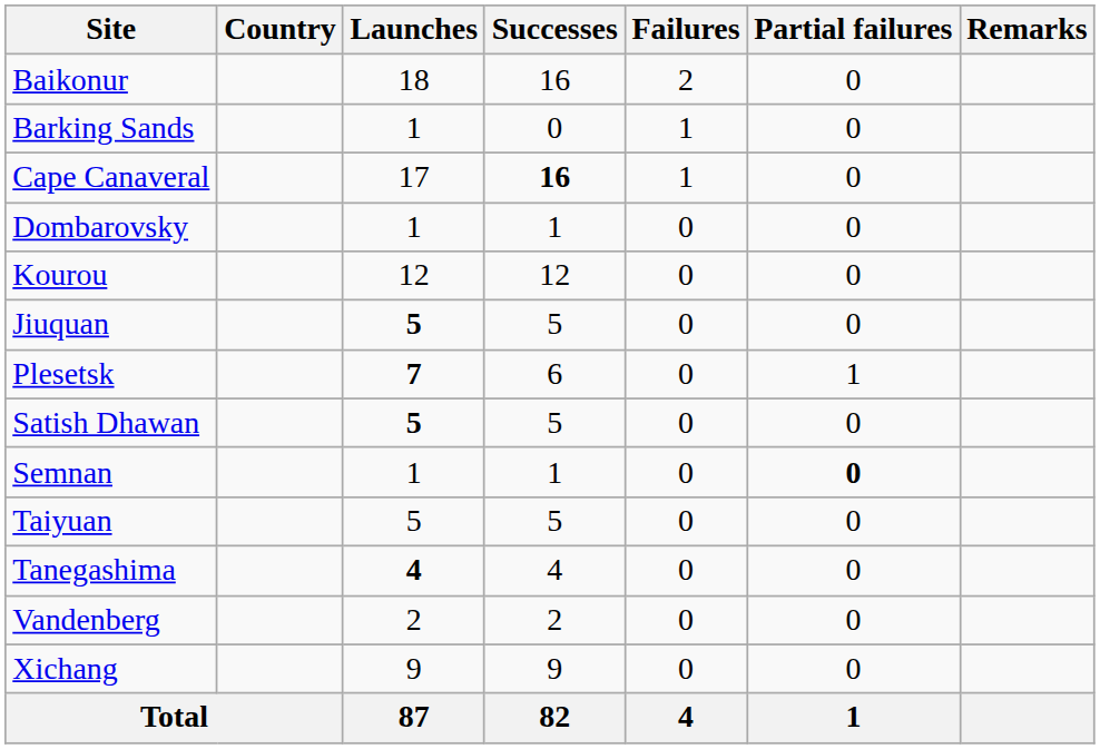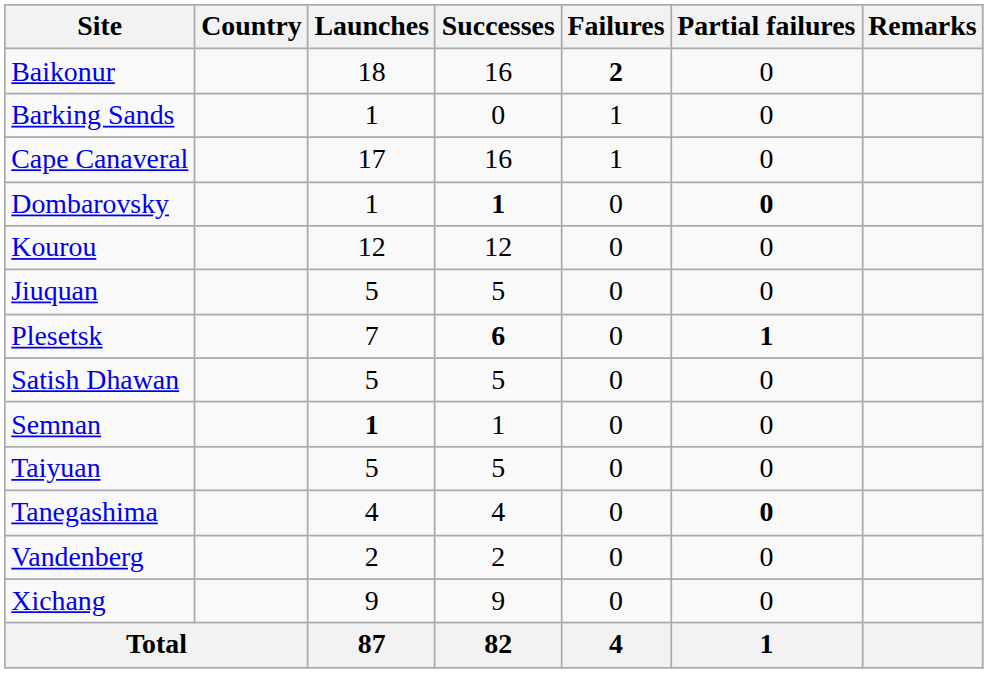 <table class="wikitable sortable" style=text-align:center>
 <tr>
 <th>Site</th>
 <th>Country</th>
 <th>Launches</th>
 <th>Successes</th>
 <th>Failures</th>
 <th>Partial failures</th>
 <th>Remarks</th>
 </tr>
 <tr>
 <td align=left><a href='#'>Baikonur</a></td>
 <td align=left></td>
 <td>18</td>
 <td>16</td>
-<td>2</td>
+<td><strong>2</strong></td>
 <td>0</td>
 <td></td>
 </tr>
 <tr>
 <td align=left><a href='#'>Barking Sands</a></td>
 <td align=left></td>
 <td>1</td>
 <td>0</td>
 <td>1</td>
 <td>0</td>
 <td></td>
 </tr>
 <tr>
 <td align=left><a href='#'>Cape Canaveral</a></td>
 <td align=left></td>
 <td>17</td>
-<td><strong>16</strong></td>
+<td>16</td>
 <td>1</td>
 <td>0</td>
 <td></td>
 </tr>
 <tr>
 <td align=left><a href='#'>Dombarovsky</a></td>
 <td align=left></td>
 <td>1</td>
-<td>1</td>
+<td><strong>1</strong></td>
 <td>0</td>
-<td>0</td>
+<td><strong>0</strong></td>
 <td></td>
 </tr>
 <tr>
 <td align=left><a href='#'>Kourou</a></td>
 <td align=left></td>
 <td>12</td>
 <td>12</td>
 <td>0</td>
 <td>0</td>
 <td></td>
 </tr>
 <tr>
 <td align=left><a href='#'>Jiuquan</a></td>
 <td align=left></td>
-<td><strong>5</strong></td>
+<td>5</td>
 <td>5</td>
 <td>0</td>
 <td>0</td>
 <td></td>
 </tr>
 <tr>
 <td align=left><a href='#'>Plesetsk</a></td>
 <td align=left></td>
-<td><strong>7</strong></td>
-<td>6</td>
+<td>7</td>
+<td><strong>6</strong></td>
 <td>0</td>
-<td>1</td>
+<td><strong>1</strong></td>
 <td></td>
 </tr>
 <tr>
 <td align=left><a href='#'>Satish Dhawan</a></td>
 <td align=left></td>
-<td><strong>5</strong></td>
+<td>5</td>
 <td>5</td>
 <td>0</td>
 <td>0</td>
 <td></td>
 </tr>
 <tr>
 <td align=left><a href='#'>Semnan</a></td>
 <td align=left></td>
-<td>1</td>
+<td><strong>1</strong></td>
 <td>1</td>
 <td>0</td>
-<td><strong>0</strong></td>
+<td>0</td>
 <td></td>
 </tr>
 <tr>
 <td align=left><a href='#'>Taiyuan</a></td>
 <td align=left></td>
 <td>5</td>
 <td>5</td>
 <td>0</td>
 <td>0</td>
 <td></td>
 </tr>
 <tr>
 <td align=left><a href='#'>Tanegashima</a></td>
 <td align=left></td>
-<td><strong>4</strong></td>
+<td>4</td>
 <td>4</td>
 <td>0</td>
-<td>0</td>
+<td><strong>0</strong></td>
 <td></td>
 </tr>
 <tr>
 <td align=left><a href='#'>Vandenberg</a></td>
 <td align=left></td>
 <td>2</td>
 <td>2</td>
 <td>0</td>
 <td>0</td>
 <td></td>
 </tr>
 <tr>
 <td align=left><a href='#'>Xichang</a></td>
 <td align=left></td>
 <td>9</td>
 <td>9</td>
 <td>0</td>
 <td>0</td>
 <td></td>
 </tr>
 <tr>
 <th colspan=2>Total</th>
 <th>87</th>
 <th>82</th>
 <th>4</th>
 <th>1</th>
 <th></th>
 </tr>
 </table>
